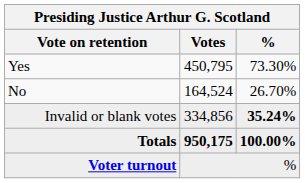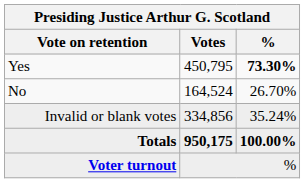 <table class="wikitable" style="font-size: 95%;">
 <tr style="background-color:#E9E9E9">
 <th colspan=7>Presiding Justice Arthur G. Scotland</th>
 </tr>
 <tr style="background-color:#E9E9E9">
 <th style="width: 170px">Vote on retention</th>
 <th style="width: 50px">Votes</th>
 <th style="width: 40px">%</th>
 </tr>
 <tr>
 <td>Yes</td>
 <td align="right">450,795</td>
-<td align="right">73.30%</td>
+<td align="right"><strong>73.30%</strong></td>
 </tr>
 <tr>
 <td>No</td>
 <td align="right">164,524</td>
 <td align="right">26.70%</td>
 </tr>
 <tr bgcolor="#EEEEEE">
 <td align="right">Invalid or blank votes</td>
 <td align="right">334,856</td>
-<td align="right"><strong>35.24%</strong></td>
+<td align="right">35.24%</td>
 </tr>
 <tr bgcolor="#EEEEEE">
 <td align="right"><strong>Totals</strong></td>
 <td align="right"><strong>950,175</strong></td>
 <td align="right"><strong>100.00%</strong></td>
 </tr>
 <tr bgcolor="#EEEEEE">
 <td align="right"><strong><a href='#'>Voter turnout</a></strong></td>
 <td colspan="2" align="right">%</td>
 </tr>
 </table>
